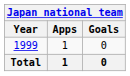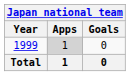 <table class="wikitable" style="text-align:center">
 <tr>
 <th colspan=3><a href='#'>Japan national team</a></th>
 </tr>
 <tr>
 <th>Year</th>
 <th>Apps</th>
 <th>Goals</th>
 </tr>
 <tr>
 <td><a href='#'>1999</a></td>
-<td>1</td>
+<td style="background: lightgrey;">1</td>
 <td>0</td>
 </tr>
 <tr>
 <th>Total</th>
 <th>1</th>
 <th>0</th>
 </tr>
 </table>
